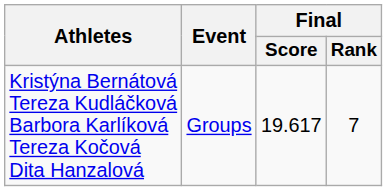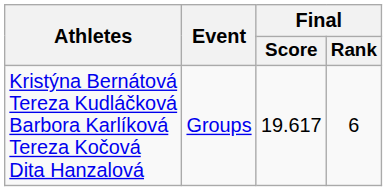 <table class="wikitable" style="text-align:center; font-size:90%">
 <tr>
 <th rowspan="2">Athletes</th>
 <th rowspan="2">Event</th>
 <th colspan="2">Final</th>
 </tr>
 <tr style="font-size:95%">
 <th>Score</th>
 <th>Rank</th>
 </tr>
 <tr>
 <td align="left"><a href='#'>Kristýna Bernátová</a><br><a href='#'>Tereza Kudláčková</a><br><a href='#'>Barbora Karlíková</a><br><a href='#'>Tereza Kočová</a><br><a href='#'>Dita Hanzalová</a></td>
 <td align="left"><a href='#'>Groups</a></td>
 <td>19.617</td>
-<td>7</td>
+<td>6</td>
 </tr>
 </table>
